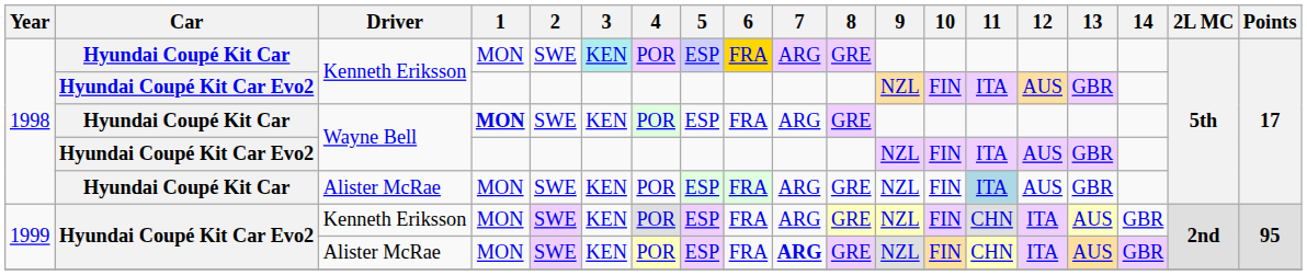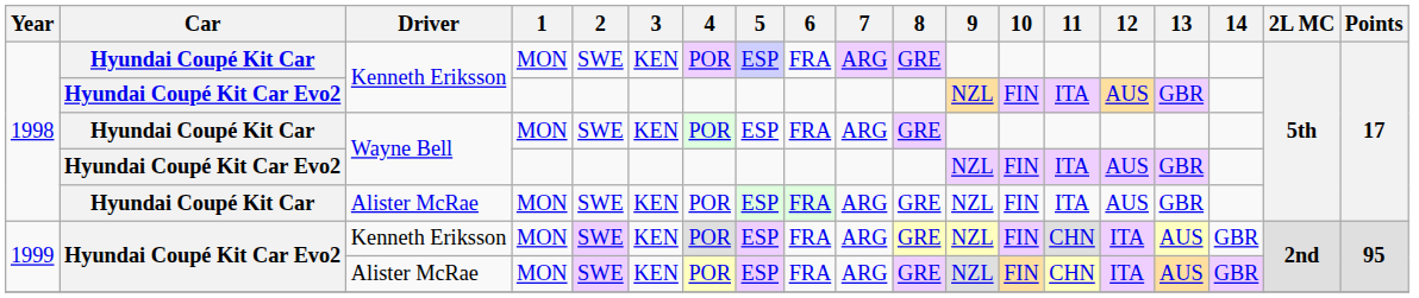 <table class="wikitable" style="text-align:center; font-size:90%">
 <tr>
 <th>Year</th>
 <th>Car</th>
 <th>Driver</th>
 <th>1</th>
 <th>2</th>
 <th>3</th>
 <th>4</th>
 <th>5</th>
 <th>6</th>
 <th>7</th>
 <th>8</th>
 <th>9</th>
 <th>10</th>
 <th>11</th>
 <th>12</th>
 <th>13</th>
 <th>14</th>
 <th>2L MC</th>
 <th>Points</th>
 </tr>
 <tr>
 <td rowspan=5><a href='#'>1998</a></td>
 <th><a href='#'>Hyundai Coupé Kit Car</a></th>
 <td rowspan=2 align="left"> <a href='#'>Kenneth Eriksson</a></td>
 <td><a href='#'>MON</a></td>
 <td><a href='#'>SWE</a></td>
-<td style="background: paleturquoise;"><a href='#'>KEN</a></td>
+<td><a href='#'>KEN</a></td>
 <td style="background:#EFCFFF;"><a href='#'>POR</a><br></td>
 <td style="background:#CFCFFF;"><a href='#'>ESP</a><br></td>
-<td style="background: gold;"><a href='#'>FRA</a></td>
+<td><a href='#'>FRA</a></td>
 <td style="background:#EFCFFF;"><a href='#'>ARG</a><br></td>
 <td style="background:#EFCFFF;"><a href='#'>GRE</a><br></td>
 <td></td>
 <td></td>
 <td></td>
 <td></td>
 <td></td>
 <td></td>
 <th rowspan=5>5th</th>
 <th rowspan=5>17</th>
 </tr>
 <tr>
 <th><a href='#'>Hyundai Coupé Kit Car Evo2</a></th>
 <td></td>
 <td></td>
 <td></td>
 <td></td>
 <td></td>
 <td></td>
 <td></td>
 <td></td>
 <td style="background:#FFDF9F;"><a href='#'>NZL</a><br></td>
 <td style="background:#EFCFFF;"><a href='#'>FIN</a><br></td>
 <td style="background:#EFCFFF;"><a href='#'>ITA</a><br></td>
 <td style="background:#FFDF9F;"><a href='#'>AUS</a><br></td>
 <td style="background:#EFCFFF;"><a href='#'>GBR</a><br></td>
 <td></td>
 </tr>
 <tr>
 <th>Hyundai Coupé Kit Car</th>
 <td rowspan=2 align="left"> <a href='#'>Wayne Bell</a></td>
-<td><strong><a href='#'>MON</a></strong></td>
+<td><a href='#'>MON</a></td>
 <td><a href='#'>SWE</a></td>
 <td><a href='#'>KEN</a></td>
 <td style="background:#DFFFDF;"><a href='#'>POR</a><br></td>
 <td><a href='#'>ESP</a></td>
 <td><a href='#'>FRA</a></td>
 <td><a href='#'>ARG</a></td>
 <td style="background:#EFCFFF;"><a href='#'>GRE</a><br></td>
 <td></td>
 <td></td>
 <td></td>
 <td></td>
 <td></td>
 <td></td>
 </tr>
 <tr>
 <th>Hyundai Coupé Kit Car Evo2</th>
 <td></td>
 <td></td>
 <td></td>
 <td></td>
 <td></td>
 <td></td>
 <td></td>
 <td></td>
 <td style="background:#EFCFFF;"><a href='#'>NZL</a><br></td>
 <td style="background:#EFCFFF;"><a href='#'>FIN</a><br></td>
 <td style="background:#EFCFFF;"><a href='#'>ITA</a><br></td>
 <td style="background:#EFCFFF;"><a href='#'>AUS</a><br></td>
 <td style="background:#EFCFFF;"><a href='#'>GBR</a><br></td>
 <td></td>
 </tr>
 <tr>
 <th>Hyundai Coupé Kit Car</th>
 <td align="left"> <a href='#'>Alister McRae</a></td>
 <td><a href='#'>MON</a></td>
 <td><a href='#'>SWE</a></td>
 <td><a href='#'>KEN</a></td>
 <td><a href='#'>POR</a></td>
 <td style="background:#DFFFDF;"><a href='#'>ESP</a><br></td>
 <td style="background:#DFFFDF;"><a href='#'>FRA</a><br></td>
 <td><a href='#'>ARG</a></td>
 <td><a href='#'>GRE</a></td>
 <td><a href='#'>NZL</a></td>
 <td><a href='#'>FIN</a></td>
-<td style="background: lightblue;"><a href='#'>ITA</a></td>
+<td><a href='#'>ITA</a></td>
 <td><a href='#'>AUS</a></td>
 <td><a href='#'>GBR</a></td>
 <td></td>
 </tr>
 <tr>
 <td rowspan=2><a href='#'>1999</a></td>
 <th rowspan=2>Hyundai Coupé Kit Car Evo2</th>
 <td align="left"> Kenneth Eriksson</td>
 <td><a href='#'>MON</a></td>
 <td style="background:#EFCFFF;"><a href='#'>SWE</a><br></td>
 <td><a href='#'>KEN</a></td>
 <td style="background:#DFDFDF;"><a href='#'>POR</a><br></td>
 <td style="background:#EFCFFF;"><a href='#'>ESP</a><br></td>
 <td><a href='#'>FRA</a></td>
 <td><a href='#'>ARG</a></td>
 <td style="background:#FFFFBF;"><a href='#'>GRE</a><br></td>
 <td style="background:#FFFFBF;"><a href='#'>NZL</a><br></td>
 <td style="background:#EFCFFF;"><a href='#'>FIN</a><br></td>
 <td style="background:#DFDFDF;"><a href='#'>CHN</a><br></td>
 <td style="background:#EFCFFF;"><a href='#'>ITA</a><br></td>
 <td style="background:#FFFFBF;"><a href='#'>AUS</a><br></td>
 <td><a href='#'>GBR</a></td>
 <td style="background:#DFDFDF;" rowspan="2"><strong>2nd</strong></td>
 <td style="background:#DFDFDF;" rowspan="2"><strong>95</strong></td>
 </tr>
 <tr>
 <td align="left"> Alister McRae</td>
 <td><a href='#'>MON</a></td>
 <td style="background:#EFCFFF;"><a href='#'>SWE</a><br></td>
 <td><a href='#'>KEN</a></td>
 <td style="background:#FFFFBF;"><a href='#'>POR</a><br></td>
 <td style="background:#EFCFFF;"><a href='#'>ESP</a><br></td>
 <td><a href='#'>FRA</a></td>
-<td><strong><a href='#'>ARG</a></strong></td>
+<td><a href='#'>ARG</a></td>
 <td style="background:#EFCFFF;"><a href='#'>GRE</a><br></td>
 <td style="background:#DFDFDF;"><a href='#'>NZL</a><br></td>
 <td style="background:#FFDF9F;"><a href='#'>FIN</a><br></td>
 <td style="background:#FFFFBF;"><a href='#'>CHN</a><br></td>
 <td style="background:#EFCFFF;"><a href='#'>ITA</a><br></td>
 <td style="background:#FFDF9F;"><a href='#'>AUS</a><br></td>
 <td style="background:#EFCFFF;"><a href='#'>GBR</a><br></td>
 </tr>
 <tr>
 </tr>
 </table>
